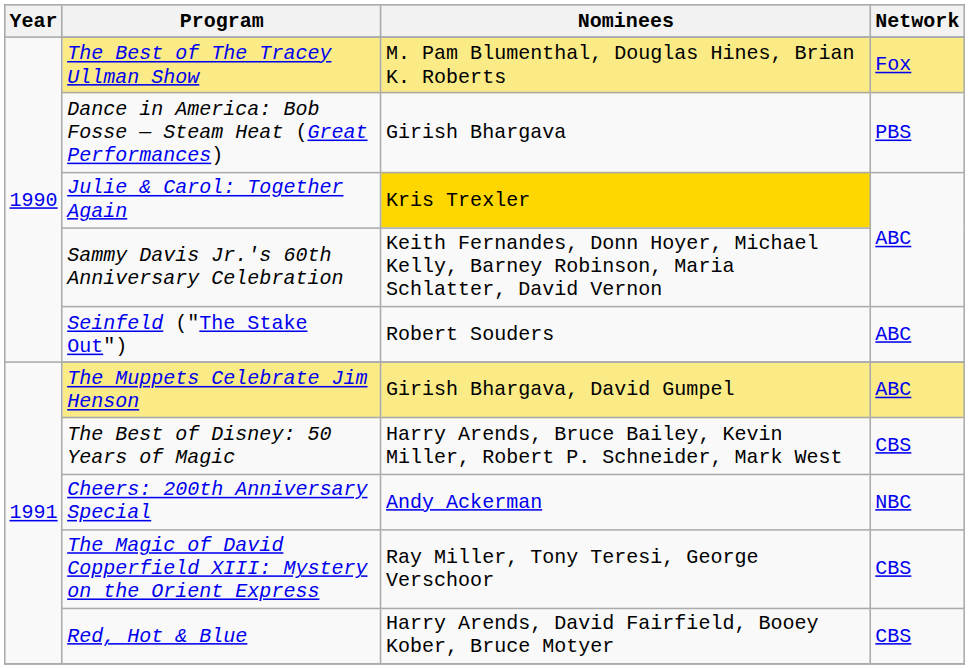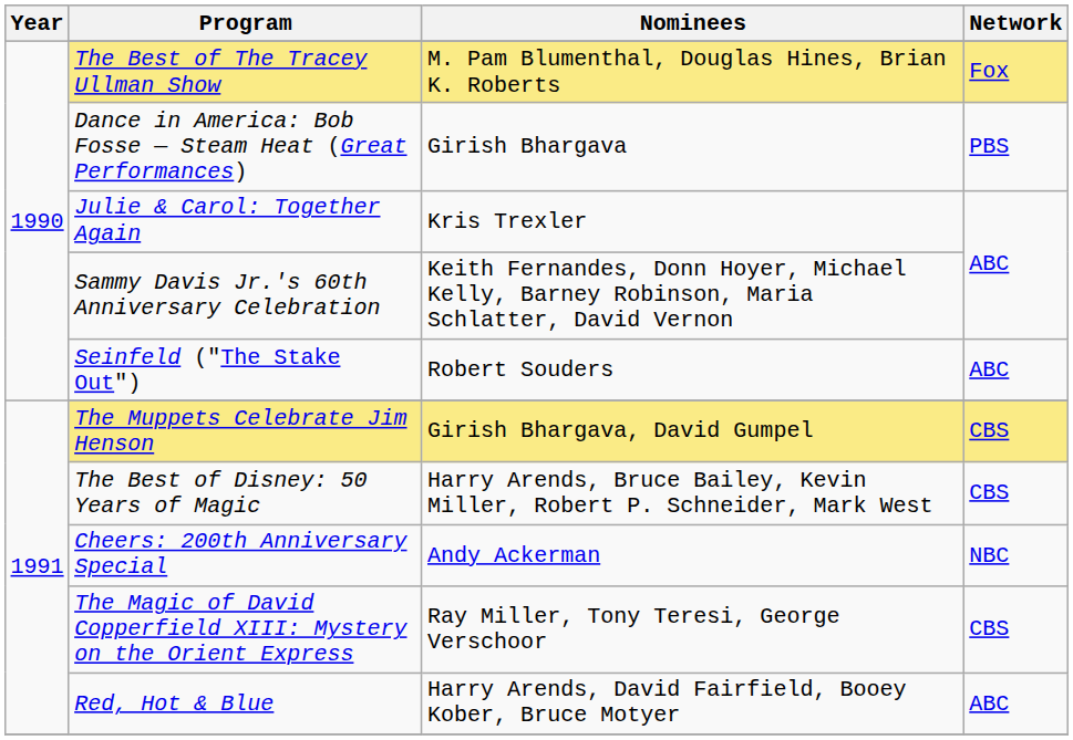 <table class="wikitable" style="width:100%">
 <tr style="background:#bebebe;">
 <th style="width:5%;">Year</th>
 <th style="width:35%;">Program</th>
 <th style="width:55%;">Nominees</th>
 <th style="width:5%;">Network</th>
 </tr>
 <tr>
 <td rowspan=6 style="text-align:center;"><a href='#'>1990</a><br></td>
 </tr>
 <tr style="background:#FAEB86;">
 <td><em><a href='#'>The Best of The Tracey Ullman Show</a></em></td>
 <td>M. Pam Blumenthal, Douglas Hines, Brian K. Roberts</td>
 <td><a href='#'>Fox</a></td>
 </tr>
 <tr>
 <td><em>Dance in America: Bob Fosse — Steam Heat</em> (<em><a href='#'>Great Performances</a></em>)</td>
 <td>Girish Bhargava</td>
 <td><a href='#'>PBS</a></td>
 </tr>
 <tr>
 <td><em><a href='#'>Julie & Carol: Together Again</a></em></td>
-<td style="background: gold;">Kris Trexler</td>
+<td>Kris Trexler</td>
 <td rowspan=2><a href='#'>ABC</a></td>
 </tr>
 <tr>
 <td><em>Sammy Davis Jr.'s 60th Anniversary Celebration</em></td>
 <td>Keith Fernandes, Donn Hoyer, Michael Kelly, Barney Robinson, Maria Schlatter, David Vernon</td>
 </tr>
 <tr>
 <td><em><a href='#'>Seinfeld</a></em> ("<a href='#'>The Stake Out</a>")</td>
 <td>Robert Souders</td>
 <td><a href='#'>ABC</a></td>
 </tr>
 <tr>
 <td rowspan=6 style="text-align:center;"><a href='#'>1991</a><br></td>
 </tr>
 <tr style="background:#FAEB86;">
 <td><em><a href='#'>The Muppets Celebrate Jim Henson</a></em></td>
 <td>Girish Bhargava, David Gumpel</td>
-<td><a href='#'>ABC</a></td>
+<td><a href='#'>CBS</a></td>
 </tr>
 <tr>
 <td><em>The Best of Disney: 50 Years of Magic</em></td>
 <td>Harry Arends, Bruce Bailey, Kevin Miller, Robert P. Schneider, Mark West</td>
 <td><a href='#'>CBS</a></td>
 </tr>
 <tr>
 <td><em><a href='#'>Cheers: 200th Anniversary Special</a></em></td>
 <td><a href='#'>Andy Ackerman</a></td>
 <td><a href='#'>NBC</a></td>
 </tr>
 <tr>
 <td><em><a href='#'>The Magic of David Copperfield XIII: Mystery on the Orient Express</a></em></td>
 <td>Ray Miller, Tony Teresi, George Verschoor</td>
 <td><a href='#'>CBS</a></td>
 </tr>
 <tr>
 <td><em><a href='#'>Red, Hot & Blue</a></em></td>
 <td>Harry Arends, David Fairfield, Booey Kober, Bruce Motyer</td>
-<td><a href='#'>CBS</a></td>
+<td><a href='#'>ABC</a></td>
 </tr>
 <tr>
 </tr>
 </table>
